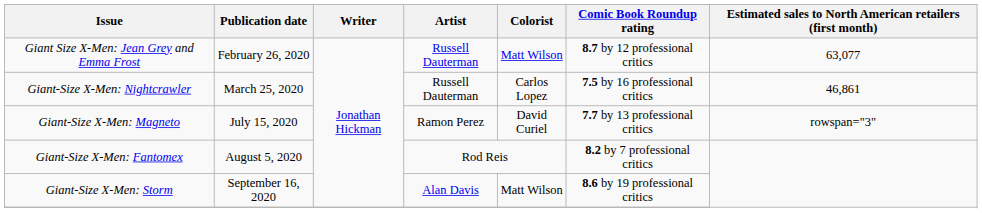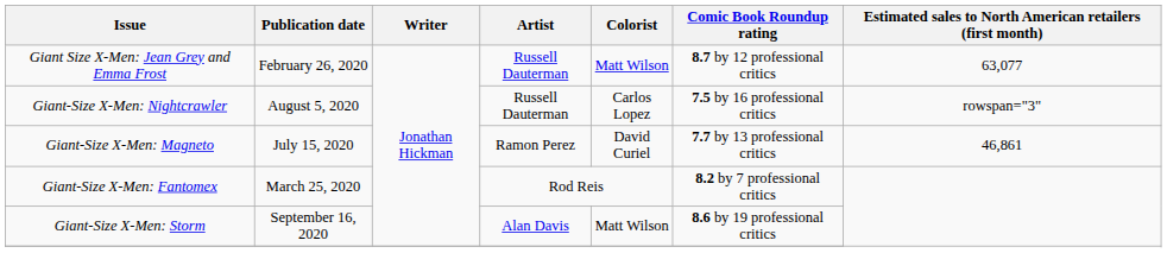 <table class="wikitable plainrowheaders" style="text-align:center;">
 <tr>
 <th scope="col"><strong>Issue</strong></th>
 <th scope="col"><strong>Publication date</strong></th>
 <th scope="col"><strong>Writer</strong></th>
 <th scope="col"><strong>Artist</strong></th>
 <th scope="col"><strong>Colorist</strong></th>
 <th scope="col"><strong><a href='#'>Comic Book Roundup</a> rating</strong></th>
 <th scope="col"><strong>Estimated sales to North American retailers (first month)</strong></th>
 </tr>
 <tr>
 <td><em>Giant Size X-Men: <a href='#'>Jean Grey</a> and <a href='#'>Emma Frost</a></em></td>
 <td>February 26, 2020</td>
 <td rowspan="5"><a href='#'>Jonathan Hickman</a></td>
 <td><a href='#'>Russell Dauterman</a></td>
 <td><a href='#'>Matt Wilson</a></td>
 <td><strong>8.7</strong> by 12 professional critics</td>
 <td>63,077</td>
 </tr>
 <tr>
 <td><em>Giant-Size X-Men: <a href='#'>Nightcrawler</a></em></td>
-<td>March 25, 2020</td>
+<td>August 5, 2020</td>
 <td>Russell Dauterman</td>
 <td>Carlos Lopez</td>
 <td><strong>7.5</strong> by 16 professional critics</td>
-<td>46,861</td>
+<td>rowspan="3" </td>
 </tr>
 <tr>
 <td><em>Giant-Size X-Men: <a href='#'>Magneto</a></em></td>
 <td>July 15, 2020</td>
 <td>Ramon Perez</td>
 <td>David Curiel</td>
 <td><strong>7.7</strong> by 13 professional critics</td>
-<td>rowspan="3" </td>
+<td>46,861</td>
 </tr>
 <tr>
 <td><em>Giant-Size X-Men: <a href='#'>Fantomex</a></em></td>
-<td>August 5, 2020</td>
+<td>March 25, 2020</td>
 <td colspan="2">Rod Reis</td>
 <td><strong>8.2</strong> by 7 professional critics</td>
 </tr>
 <tr>
 <td><em>Giant-Size X-Men: <a href='#'>Storm</a></em></td>
 <td>September 16, 2020</td>
 <td><a href='#'>Alan Davis</a></td>
 <td>Matt Wilson</td>
 <td><strong>8.6</strong> by 19 professional critics</td>
 </tr>
 <tr>
 </tr>
 </table>
